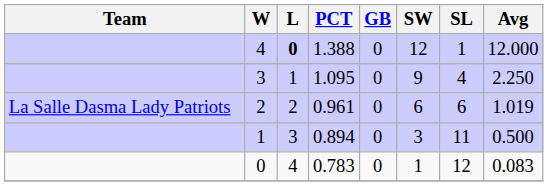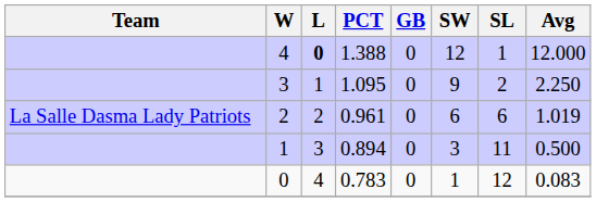 <table class=wikitable style="text-align:center;">
 <tr>
 <th width=200px>Team</th>
 <th width=20px>W</th>
 <th width=20px>L</th>
 <th width=35px><a href='#'>PCT</a></th>
 <th width=25px><a href='#'>GB</a></th>
 <th width=30px>SW</th>
 <th width=30px>SL</th>
 <th width=35px>Avg</th>
 </tr>
 <tr style="background:#CCCCFF;">
 <td align=left></td>
 <td>4</td>
 <td><strong>0</strong></td>
 <td>1.388</td>
 <td>0</td>
 <td>12</td>
 <td>1</td>
 <td>12.000</td>
 </tr>
 <tr style="background:#CCCCFF;">
 <td align=left></td>
 <td>3</td>
 <td>1</td>
 <td>1.095</td>
 <td>0</td>
 <td>9</td>
-<td>4</td>
+<td>2</td>
 <td>2.250</td>
 </tr>
 <tr style="background:#CCCCFF;">
 <td align=left> <a href='#'>La Salle Dasma Lady Patriots</a></td>
 <td>2</td>
 <td>2</td>
 <td>0.961</td>
 <td>0</td>
 <td>6</td>
 <td>6</td>
 <td>1.019</td>
 </tr>
 <tr style="background:#CCCCFF;">
 <td align=left></td>
 <td>1</td>
 <td>3</td>
 <td>0.894</td>
 <td>0</td>
 <td>3</td>
 <td>11</td>
 <td>0.500</td>
 </tr>
 <tr>
 <td align=left></td>
 <td>0</td>
 <td>4</td>
 <td>0.783</td>
 <td>0</td>
 <td>1</td>
 <td>12</td>
 <td>0.083</td>
 </tr>
 <tr>
 </tr>
 </table>
